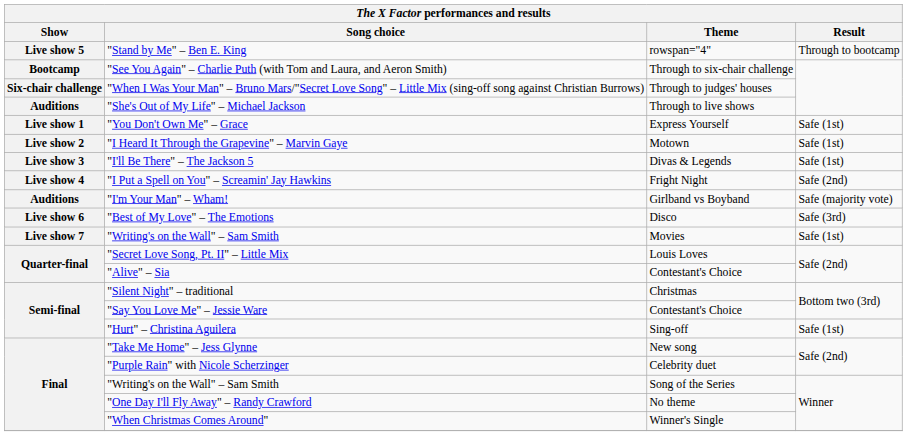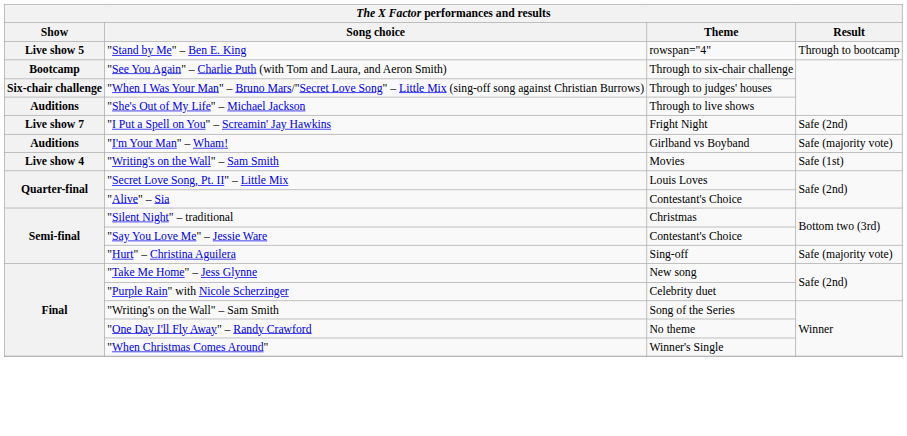 <table class="wikitable collapsible">
 <tr>
 <th colspan="4"><em>The X Factor</em> performances and results</th>
 </tr>
 <tr>
 <th style="text-align:centre;">Show</th>
 <th style="text-align:centre;">Song choice</th>
 <th style="text-align:centre;">Theme</th>
 <th style="text-align:centre;">Result</th>
 </tr>
 <tr>
 <th>Live show 5</th>
 <td>"<a href='#'>Stand by Me</a>" – <a href='#'>Ben E. King</a></td>
 <td>rowspan="4" </td>
 <td>Through to bootcamp</td>
 </tr>
 <tr>
 <th>Bootcamp</th>
 <td>"<a href='#'>See You Again</a>" – <a href='#'>Charlie Puth</a> (with Tom and Laura, and Aeron Smith)</td>
 <td>Through to six-chair challenge</td>
 </tr>
 <tr>
 <th>Six-chair challenge</th>
 <td>"<a href='#'>When I Was Your Man</a>" – <a href='#'>Bruno Mars</a>/"<a href='#'>Secret Love Song</a>" – <a href='#'>Little Mix</a> (sing-off song against Christian Burrows)</td>
 <td>Through to judges' houses</td>
 </tr>
 <tr>
 <th>Auditions</th>
 <td>"<a href='#'>She's Out of My Life</a>" – <a href='#'>Michael Jackson</a></td>
 <td>Through to live shows</td>
 </tr>
-<tr style=>
-<th>Live show 1</th>
-<td>"<a href='#'>You Don't Own Me</a>" – <a href='#'>Grace</a></td>
-<td>Express Yourself</td>
-<td>Safe (1st)</td>
-</tr>
-<tr style=>
-<th>Live show 2</th>
-<td>"<a href='#'>I Heard It Through the Grapevine</a>" – <a href='#'>Marvin Gaye</a></td>
-<td>Motown</td>
-<td>Safe (1st)</td>
-</tr>
-<tr style=>
-<th>Live show 3</th>
-<td>"<a href='#'>I'll Be There</a>" – <a href='#'>The Jackson 5</a></td>
-<td>Divas & Legends</td>
-<td>Safe (1st)</td>
-</tr>
 <tr>
-<th>Live show 4</th>
+<th>Live show 7</th>
 <td>"<a href='#'>I Put a Spell on You</a>" – <a href='#'>Screamin' Jay Hawkins</a></td>
 <td>Fright Night</td>
 <td>Safe (2nd)</td>
 </tr>
 <tr style=>
 <th>Auditions</th>
 <td>"<a href='#'>I'm Your Man</a>" – <a href='#'>Wham!</a></td>
 <td>Girlband vs Boyband</td>
 <td>Safe (majority vote)</td>
 </tr>
-<tr>
-<th>Live show 6</th>
-<td>"<a href='#'>Best of My Love</a>" – <a href='#'>The Emotions</a></td>
-<td>Disco</td>
-<td>Safe (3rd)</td>
-</tr>
 <tr style=>
-<th>Live show 7</th>
+<th>Live show 4</th>
 <td>"<a href='#'>Writing's on the Wall</a>" – <a href='#'>Sam Smith</a></td>
 <td>Movies</td>
 <td>Safe (1st)</td>
 </tr>
 <tr>
 <th rowspan="2">Quarter-final</th>
 <td>"<a href='#'>Secret Love Song, Pt. II</a>" – <a href='#'>Little Mix</a></td>
 <td>Louis Loves</td>
 <td rowspan="2">Safe (2nd)</td>
 </tr>
 <tr>
 <td>"<a href='#'>Alive</a>" – <a href='#'>Sia</a></td>
 <td>Contestant's Choice</td>
 </tr>
 <tr style=>
 <th rowspan="3">Semi-final</th>
 <td>"<a href='#'>Silent Night</a>" – traditional</td>
 <td>Christmas</td>
 <td rowspan="2">Bottom two (3rd)</td>
 </tr>
 <tr style=>
 <td>"<a href='#'>Say You Love Me</a>" – <a href='#'>Jessie Ware</a></td>
 <td>Contestant's Choice</td>
 </tr>
 <tr>
 <td>"<a href='#'>Hurt</a>" – <a href='#'>Christina Aguilera</a></td>
 <td>Sing-off</td>
-<td>Safe (1st)</td>
+<td>Safe (majority vote)</td>
 </tr>
 <tr>
 <th rowspan="5">Final</th>
 <td>"<a href='#'>Take Me Home</a>" – <a href='#'>Jess Glynne</a></td>
 <td>New song</td>
 <td rowspan="2">Safe (2nd)</td>
 </tr>
 <tr>
 <td>"<a href='#'>Purple Rain</a>" with <a href='#'>Nicole Scherzinger</a></td>
 <td>Celebrity duet</td>
 </tr>
 <tr style=>
 <td>"Writing's on the Wall" – Sam Smith</td>
 <td>Song of the Series</td>
 <td rowspan="3">Winner</td>
 </tr>
 <tr style=>
 <td>"<a href='#'>One Day I'll Fly Away</a>" – <a href='#'>Randy Crawford</a></td>
 <td>No theme</td>
 </tr>
 <tr style=>
 <td>"<a href='#'>When Christmas Comes Around</a>"</td>
 <td>Winner's Single</td>
 </tr>
 <tr style=>
 </tr>
 </table>
